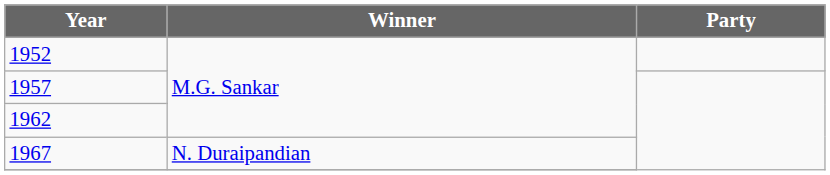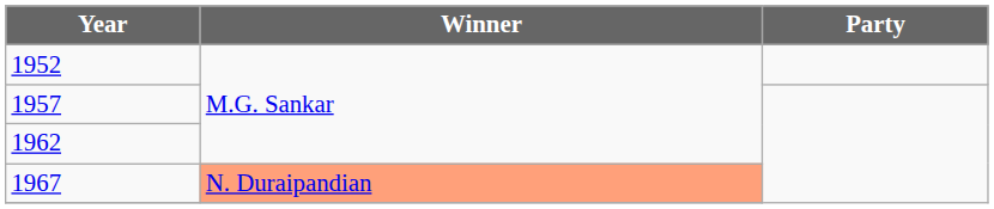 <table class="wikitable" width="50%">
 <tr>
 <th style="background-color:#666666; color:white">Year</th>
 <th style="background-color:#666666; color:white">Winner</th>
 <th style="background-color:#666666; color:white" colspan="2">Party</th>
 </tr>
 <tr>
 <td><a href='#'>1952</a></td>
 <td rowspan=3><a href='#'>M.G. Sankar</a></td>
 <td></td>
 </tr>
 <tr>
 <td><a href='#'>1957</a></td>
 </tr>
 <tr>
 <td><a href='#'>1962</a></td>
 </tr>
 <tr>
 <td><a href='#'>1967</a></td>
-<td><a href='#'>N. Duraipandian</a></td>
+<td style="background: lightsalmon;"><a href='#'>N. Duraipandian</a></td>
 </tr>
 <tr>
 </tr>
 </table>
